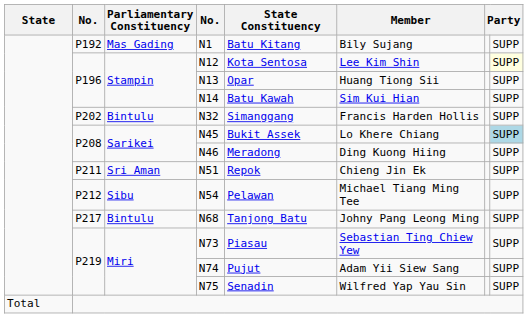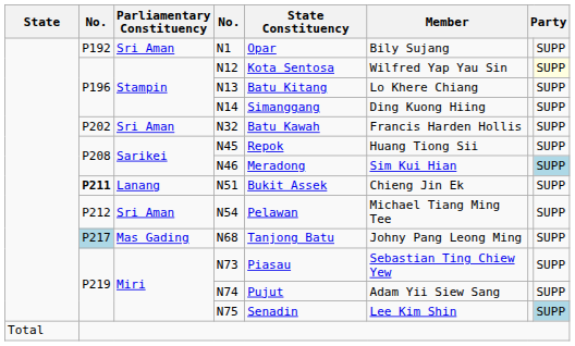 <table class="wikitable sortable">
 <tr>
 <th style="width:100px;">State</th>
 <th>No.</th>
 <th>Parliamentary Constituency</th>
 <th style="width:30px;">No.</th>
 <th style="width:150px;">State Constituency</th>
 <th style="width:240px;">Member</th>
 <th colspan="2" style="width:80px;">Party</th>
 </tr>
 <tr>
 <td rowspan="13"></td>
 <td>P192</td>
-<td><a href='#'>Mas Gading</a></td>
+<td><a href='#'>Sri Aman</a></td>
 <td>N1</td>
-<td><a href='#'>Batu Kitang</a></td>
+<td><a href='#'>Opar</a></td>
 <td>Bily Sujang</td>
 <td style="background:"></td>
 <td>SUPP</td>
 </tr>
 <tr>
 <td rowspan="3">P196</td>
 <td rowspan="3"><a href='#'>Stampin</a></td>
 <td>N12</td>
 <td><a href='#'>Kota Sentosa</a></td>
-<td><a href='#'>Lee Kim Shin</a></td>
+<td>Wilfred Yap Yau Sin</td>
 <td style="background:"></td>
 <td style="background: lightyellow;">SUPP</td>
 </tr>
 <tr>
 <td>N13</td>
-<td><a href='#'>Opar</a></td>
-<td>Huang Tiong Sii</td>
+<td><a href='#'>Batu Kitang</a></td>
+<td>Lo Khere Chiang</td>
 <td style="background:"></td>
 <td>SUPP</td>
 </tr>
 <tr>
 <td>N14</td>
-<td><a href='#'>Batu Kawah</a></td>
-<td><a href='#'>Sim Kui Hian</a></td>
+<td><a href='#'>Simanggang</a></td>
+<td>Ding Kuong Hiing</td>
 <td style="background:"></td>
 <td>SUPP</td>
 </tr>
 <tr>
 <td>P202</td>
-<td><a href='#'>Bintulu</a></td>
+<td><a href='#'>Sri Aman</a></td>
 <td>N32</td>
-<td><a href='#'>Simanggang</a></td>
+<td><a href='#'>Batu Kawah</a></td>
 <td>Francis Harden Hollis</td>
 <td style="background:"></td>
 <td>SUPP</td>
 </tr>
 <tr>
 <td rowspan="2">P208</td>
 <td rowspan="2"><a href='#'>Sarikei</a></td>
 <td>N45</td>
-<td><a href='#'>Bukit Assek</a></td>
-<td>Lo Khere Chiang</td>
+<td><a href='#'>Repok</a></td>
+<td>Huang Tiong Sii</td>
+<td style="background:"></td>
+<td>SUPP</td>
+</tr>
+<tr>
+<td>N46</td>
+<td><a href='#'>Meradong</a></td>
+<td><a href='#'>Sim Kui Hian</a></td>
 <td style="background:"></td>
 <td style="background: lightblue;">SUPP</td>
 </tr>
 <tr>
-<td>N46</td>
-<td><a href='#'>Meradong</a></td>
-<td>Ding Kuong Hiing</td>
-<td style="background:"></td>
-<td>SUPP</td>
-</tr>
-<tr>
-<td>P211</td>
-<td><a href='#'>Sri Aman</a></td>
+<td><strong>P211</strong></td>
+<td><a href='#'>Lanang</a></td>
 <td>N51</td>
-<td><a href='#'>Repok</a></td>
+<td><a href='#'>Bukit Assek</a></td>
 <td>Chieng Jin Ek</td>
 <td style="background:"></td>
 <td>SUPP</td>
 </tr>
 <tr>
 <td>P212</td>
-<td><a href='#'>Sibu</a></td>
+<td><a href='#'>Sri Aman</a></td>
 <td>N54</td>
 <td><a href='#'>Pelawan</a></td>
 <td>Michael Tiang Ming Tee</td>
 <td style="background:"></td>
 <td>SUPP</td>
 </tr>
 <tr>
-<td>P217</td>
-<td><a href='#'>Bintulu</a></td>
+<td style="background: lightblue;">P217</td>
+<td><a href='#'>Mas Gading</a></td>
 <td>N68</td>
 <td><a href='#'>Tanjong Batu</a></td>
 <td>Johny Pang Leong Ming</td>
 <td style="background:"></td>
 <td>SUPP</td>
 </tr>
 <tr>
 <td rowspan="3">P219</td>
 <td rowspan="3"><a href='#'>Miri</a></td>
 <td>N73</td>
 <td><a href='#'>Piasau</a></td>
 <td><a href='#'>Sebastian Ting Chiew Yew</a></td>
 <td style="background:"></td>
 <td>SUPP</td>
 </tr>
 <tr>
 <td>N74</td>
 <td><a href='#'>Pujut</a></td>
 <td>Adam Yii Siew Sang</td>
 <td style="background:"></td>
 <td>SUPP</td>
 </tr>
 <tr>
 <td>N75</td>
 <td><a href='#'>Senadin</a></td>
-<td>Wilfred Yap Yau Sin</td>
+<td><a href='#'>Lee Kim Shin</a></td>
 <td style="background:"></td>
-<td>SUPP</td>
+<td style="background: lightblue;">SUPP</td>
 </tr>
 <tr>
 <td>Total</td>
 <td colspan="7"></td>
 </tr>
 </table>
